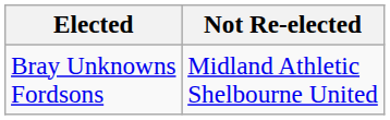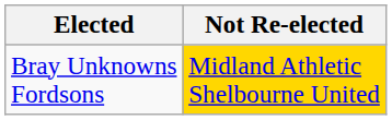 <table class="wikitable">
 <tr>
 <th>Elected</th>
 <th>Not Re-elected</th>
 </tr>
 <tr>
 <td><a href='#'>Bray Unknowns</a><br><a href='#'>Fordsons</a></td>
-<td><a href='#'>Midland Athletic</a><br><a href='#'>Shelbourne United</a></td>
+<td style="background: gold;"><a href='#'>Midland Athletic</a><br><a href='#'>Shelbourne United</a></td>
 </tr>
 </table>
